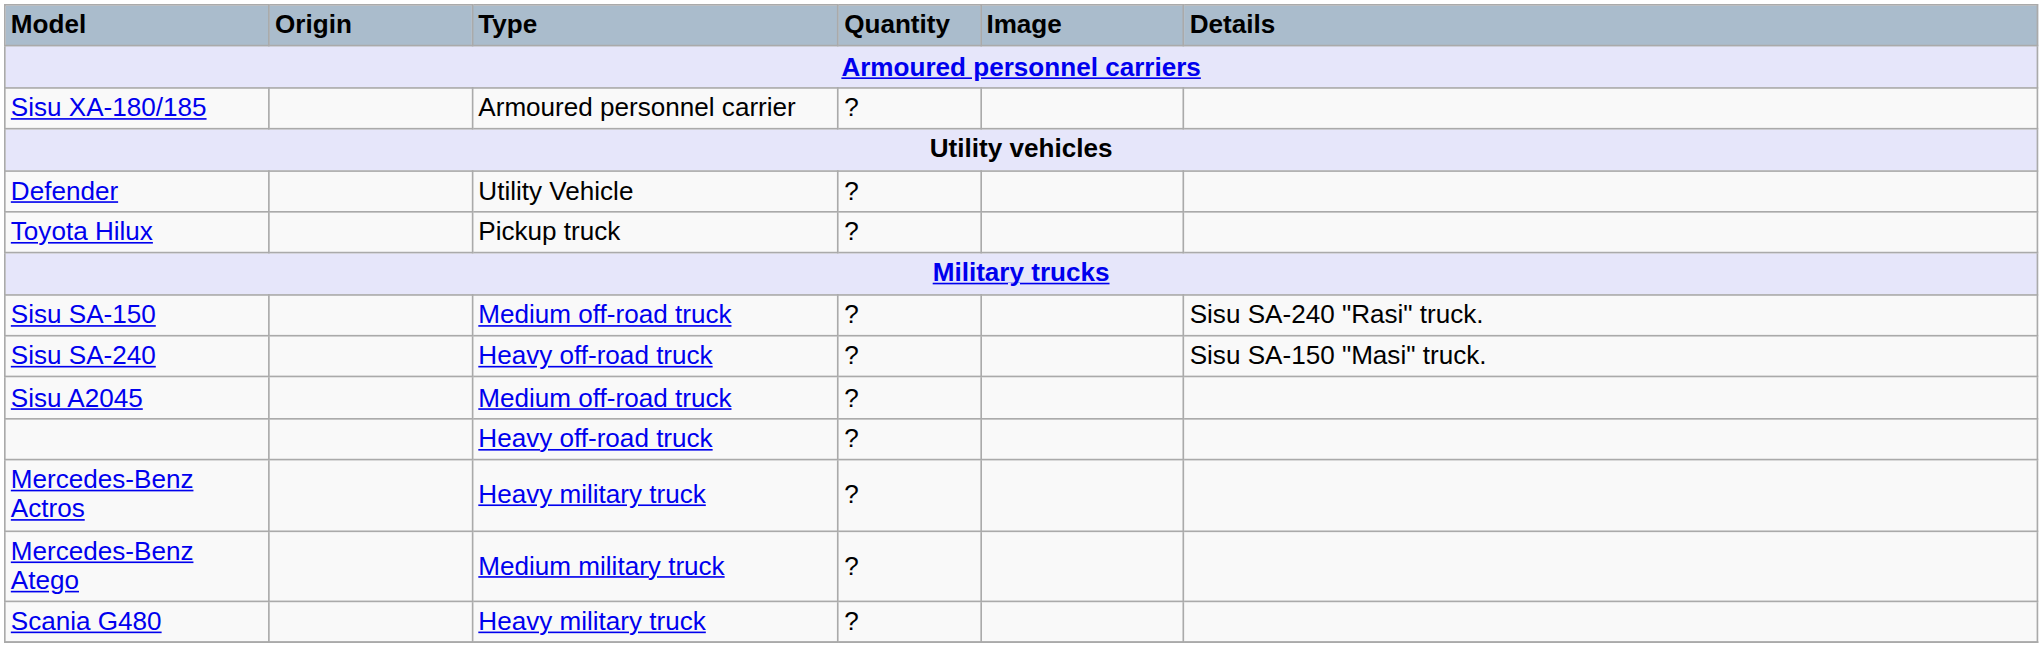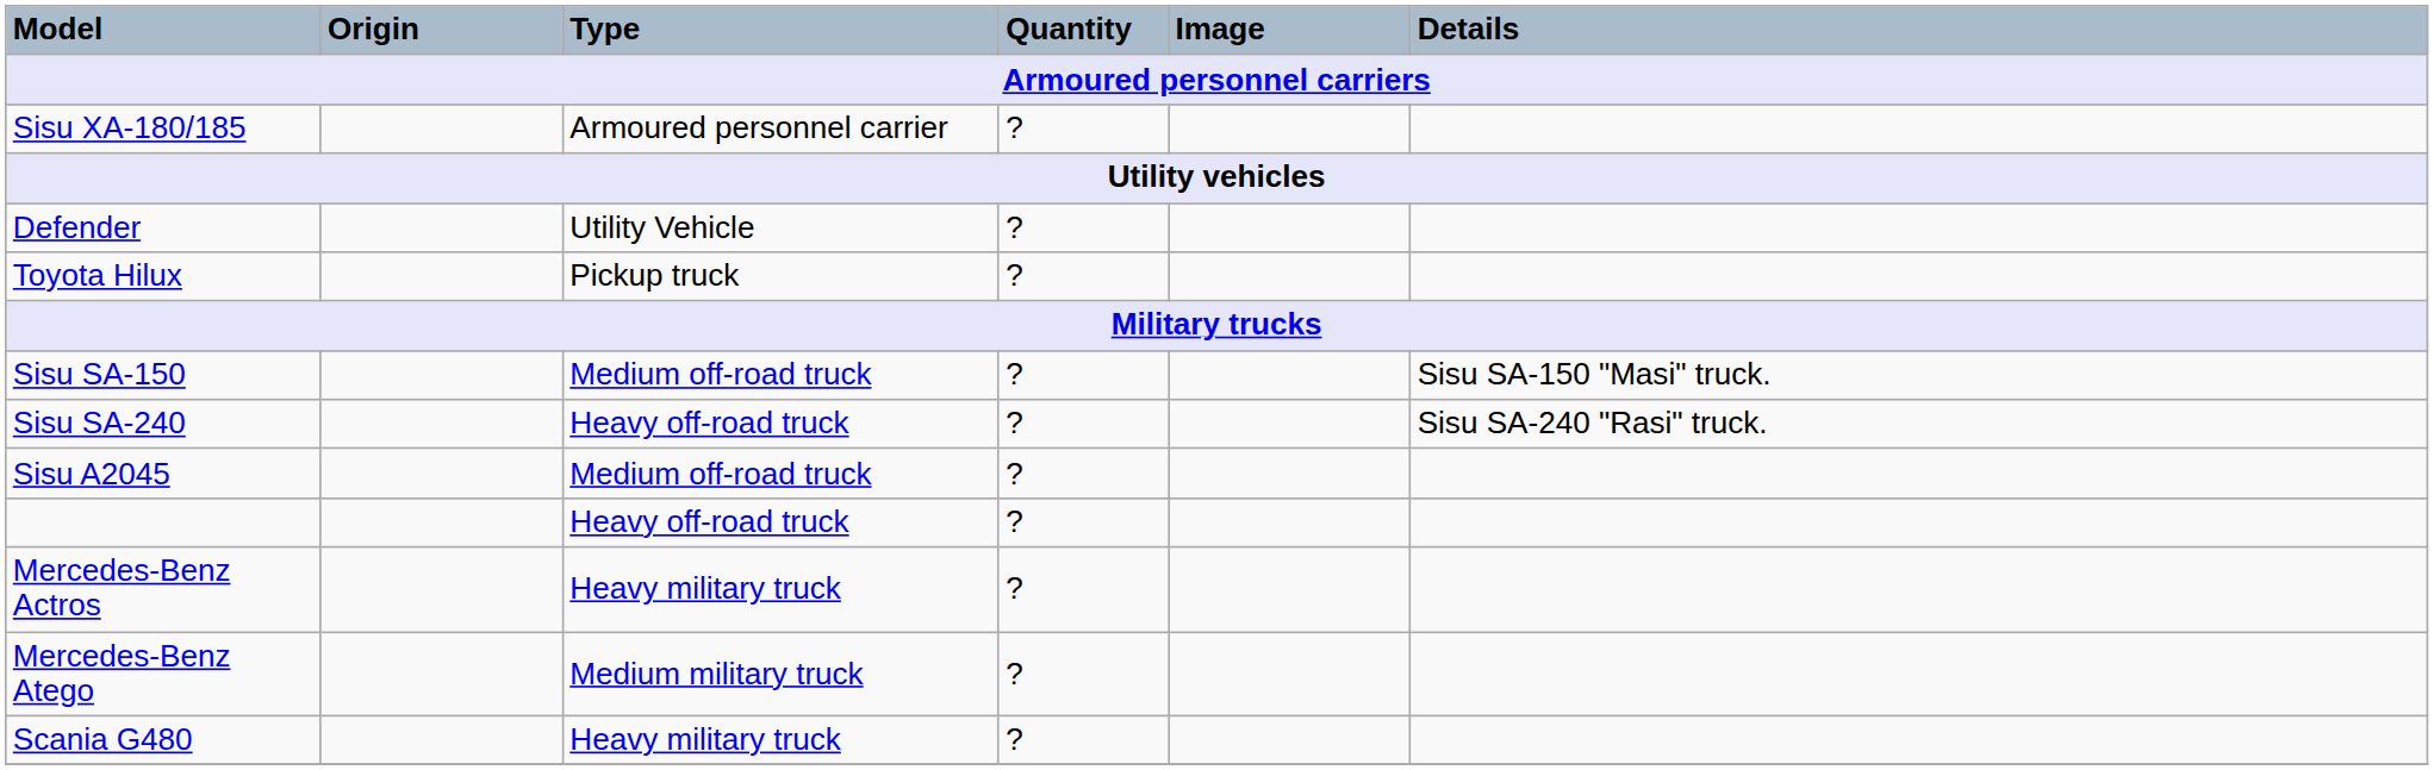 <table class="wikitable">
 <tr>
 <th style="text-align: left; background: #aabccc; width:13%;">Model</th>
 <th style="text-align: left; background: #aabccc; width:10%;">Origin</th>
 <th style="text-align: left; background: #aabccc; width:18%;">Type</th>
 <th style="text-align: left; background: #aabccc; width:7%;">Quantity</th>
 <th style="text-align: left; background: #aabccc;width:10%;">Image</th>
 <th style="text-align: left; background: #aabccc;width:42%;">Details</th>
 </tr>
 <tr>
 <th style="align: center; background: lavender;" colspan="7"><a href='#'>Armoured personnel carriers</a></th>
 </tr>
 <tr>
 <td><a href='#'>Sisu XA-180/185</a></td>
 <td></td>
 <td>Armoured personnel carrier</td>
 <td>?</td>
 <td></td>
 <td></td>
 </tr>
 <tr>
 <th style="align: center; background: lavender;" colspan="7">Utility vehicles</th>
 </tr>
 <tr>
 <td><a href='#'>Defender</a></td>
 <td></td>
 <td>Utility Vehicle</td>
 <td>?</td>
 <td></td>
 <td></td>
 </tr>
 <tr>
 <td><a href='#'>Toyota Hilux</a></td>
 <td></td>
 <td>Pickup truck</td>
 <td>?</td>
 <td></td>
 <td></td>
 </tr>
 <tr>
 <th style="align: center; background: lavender;" colspan="7"><a href='#'>Military trucks</a></th>
 </tr>
 <tr>
 <td><a href='#'>Sisu SA-150</a></td>
 <td></td>
 <td><a href='#'>Medium off-road truck</a></td>
 <td>?</td>
 <td></td>
-<td>Sisu SA-240 "Rasi" truck.</td>
+<td>Sisu SA-150 "Masi" truck.</td>
 </tr>
 <tr>
 <td><a href='#'>Sisu SA-240</a></td>
 <td></td>
 <td><a href='#'>Heavy off-road truck</a></td>
 <td>?</td>
 <td></td>
-<td>Sisu SA-150 "Masi" truck.</td>
+<td>Sisu SA-240 "Rasi" truck.</td>
 </tr>
 <tr>
 <td><a href='#'>Sisu A2045</a></td>
 <td></td>
 <td><a href='#'>Medium off-road truck</a></td>
 <td>?</td>
 <td></td>
 <td></td>
 </tr>
 <tr>
 <td></td>
 <td></td>
 <td><a href='#'>Heavy off-road truck</a></td>
 <td>?</td>
 <td></td>
 <td></td>
 </tr>
 <tr>
 <td><a href='#'>Mercedes-Benz Actros</a></td>
 <td></td>
 <td><a href='#'>Heavy military truck</a></td>
 <td>?</td>
 <td></td>
 <td></td>
 </tr>
 <tr>
 <td><a href='#'>Mercedes-Benz Atego</a></td>
 <td></td>
 <td><a href='#'>Medium military truck</a></td>
 <td>?</td>
 <td></td>
 <td></td>
 </tr>
 <tr>
 <td><a href='#'>Scania G480</a></td>
 <td></td>
 <td><a href='#'>Heavy military truck</a></td>
 <td>?</td>
 <td></td>
 <td></td>
 </tr>
 <tr>
 </tr>
 </table>
